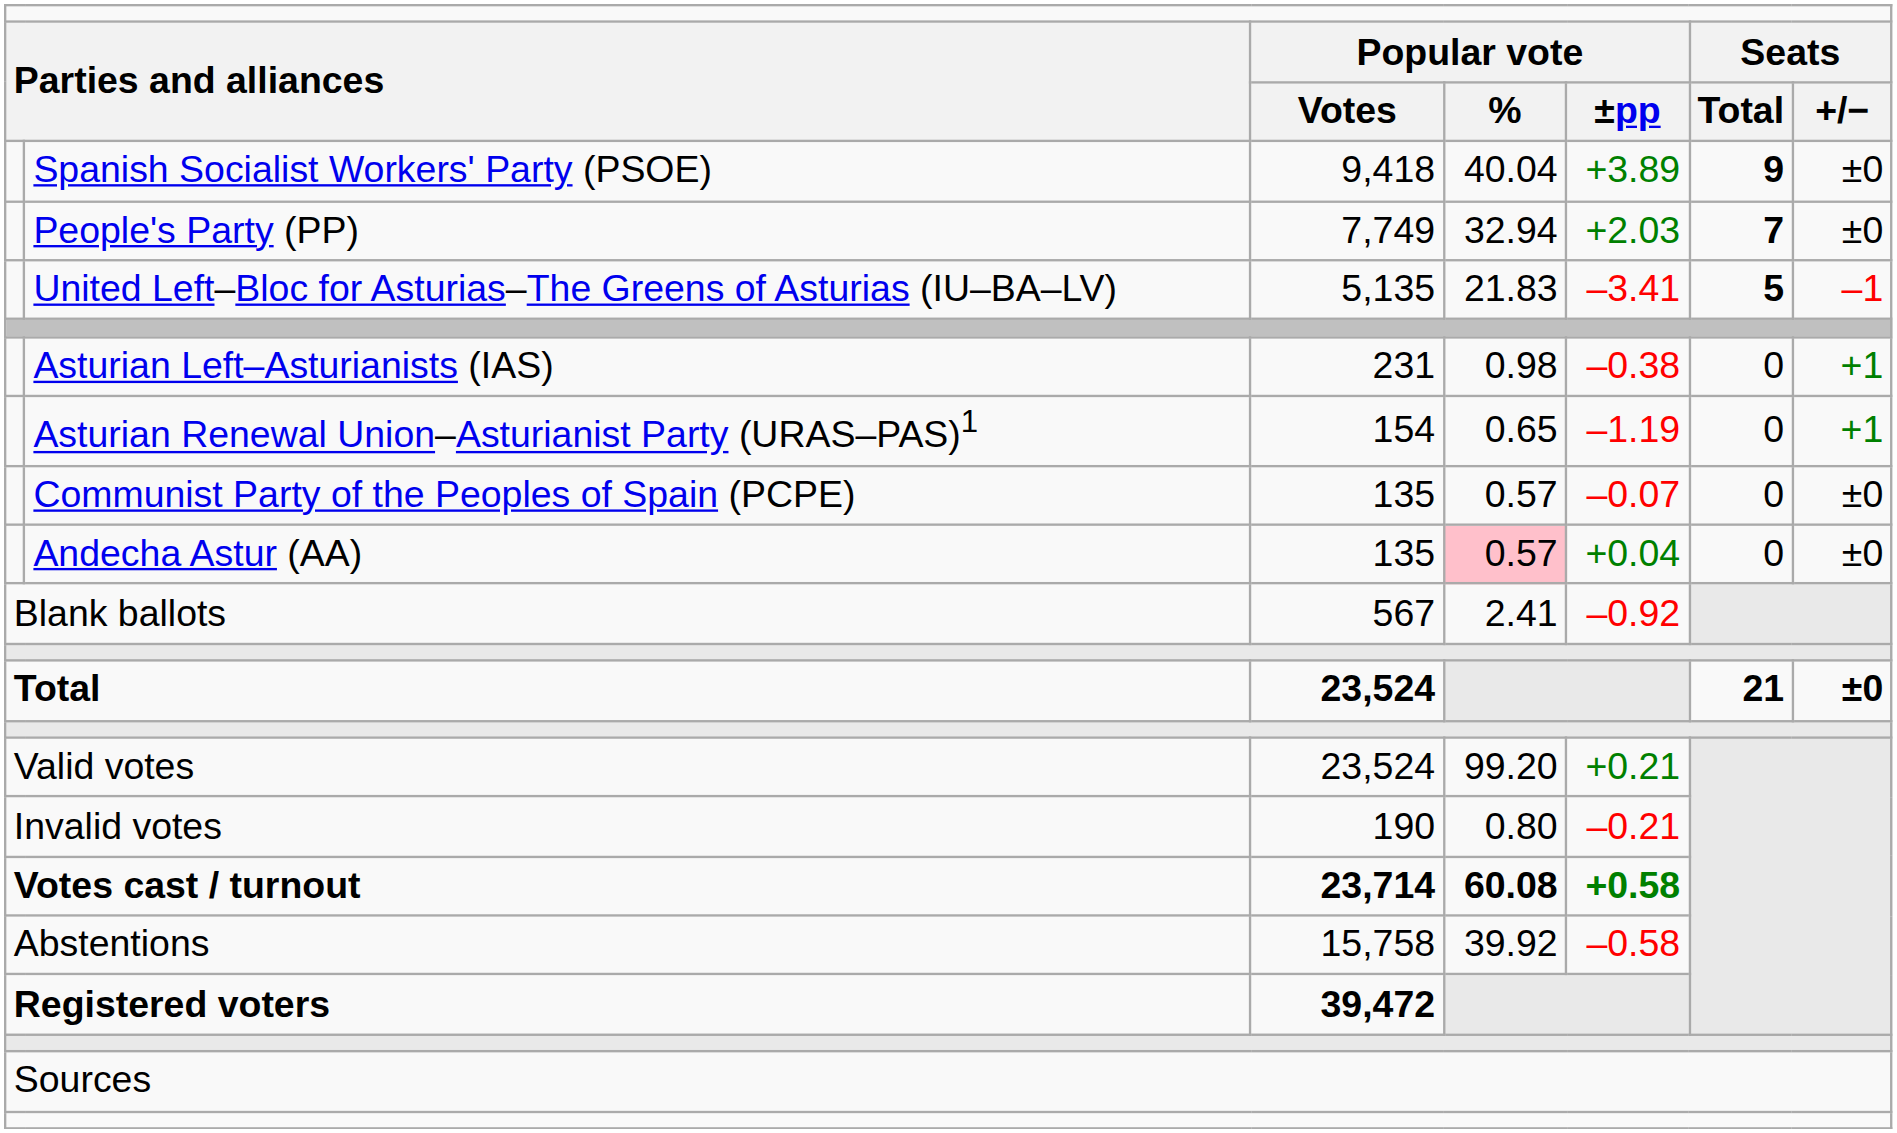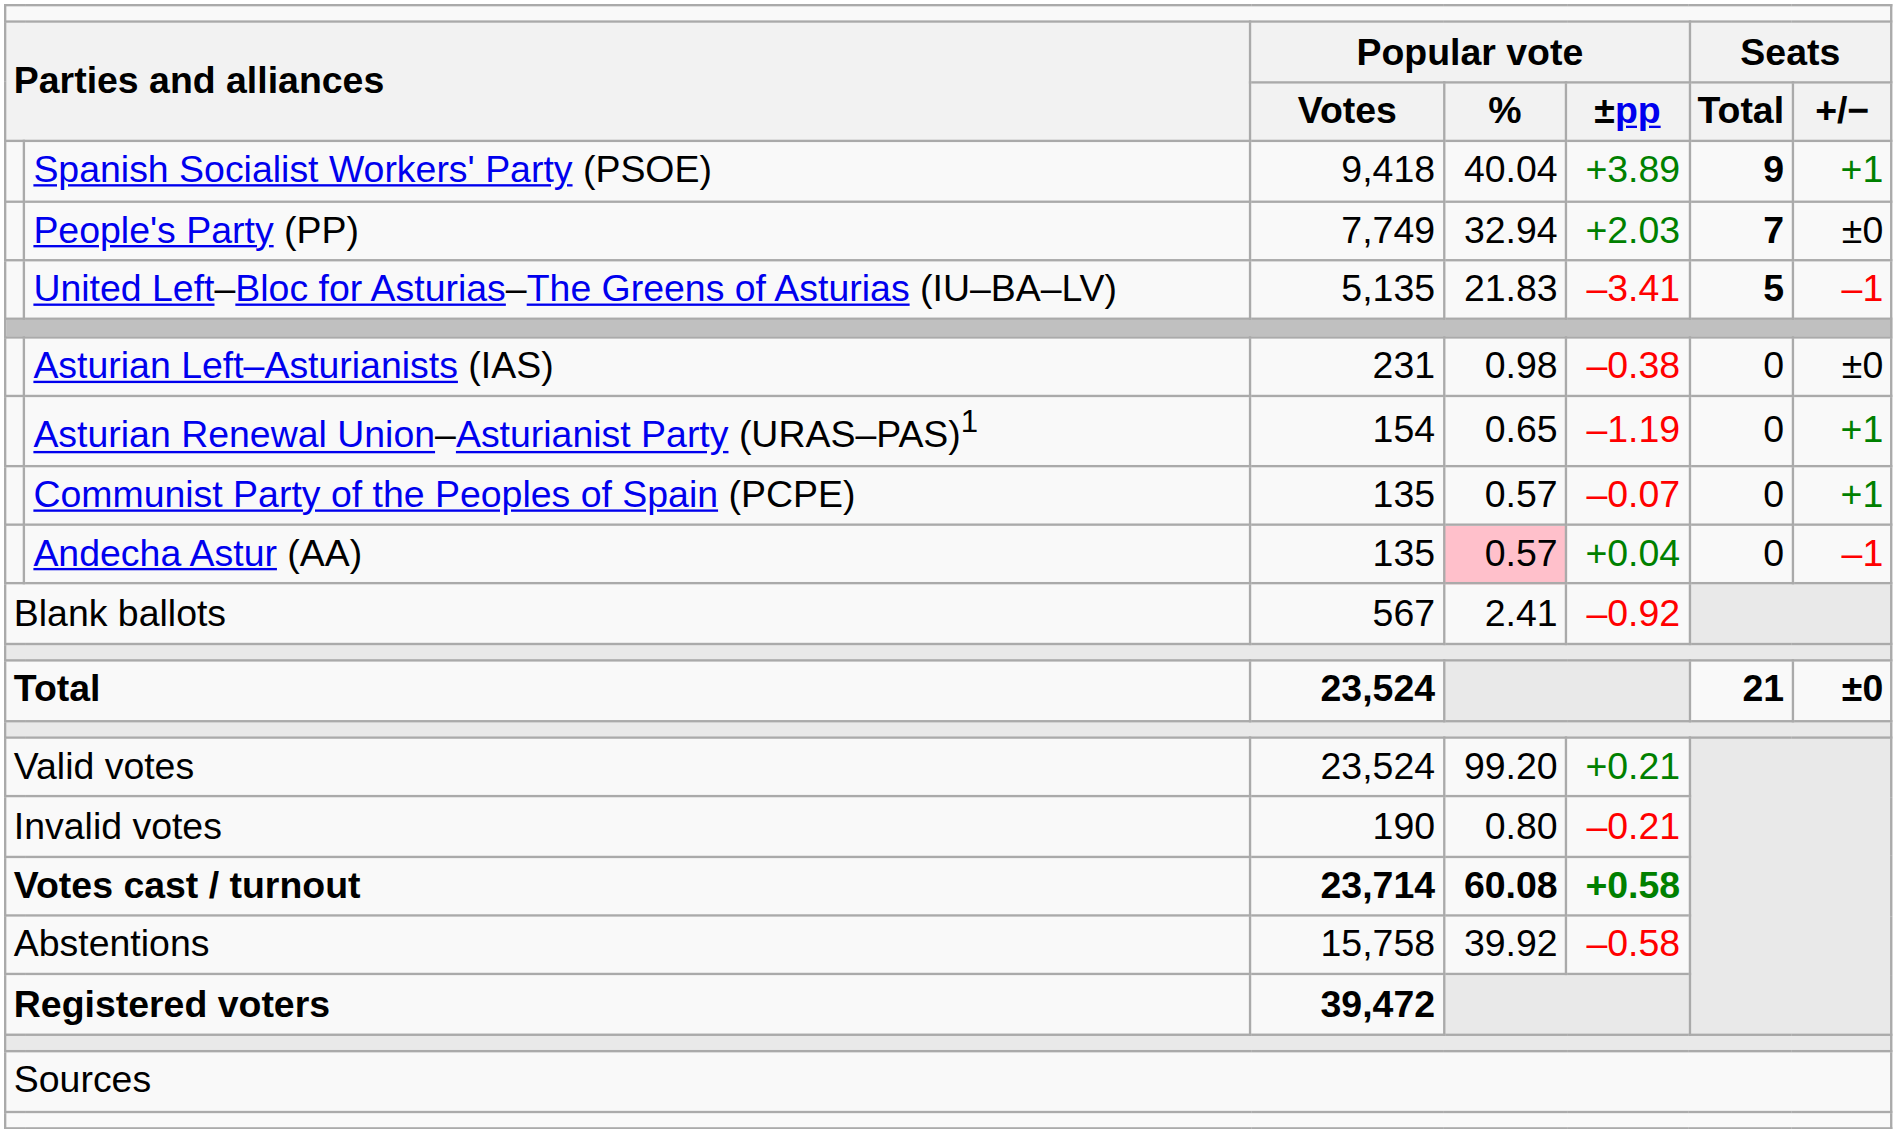 <table class="wikitable" style="text-align:right;">
 <tr>
 <td colspan="7"></td>
 </tr>
 <tr>
 <th style="text-align:left;" rowspan="2" colspan="2" width="525">Parties and alliances</th>
 <th colspan="3">Popular vote</th>
 <th colspan="2">Seats</th>
 </tr>
 <tr>
 <th width="75">Votes</th>
 <th width="45">%</th>
 <th width="45">±<a href='#'>pp</a></th>
 <th width="35">Total</th>
 <th width="35">+/−</th>
 </tr>
 <tr>
 <td width="1" style="color:inherit;background:"></td>
 <td align="left"><a href='#'>Spanish Socialist Workers' Party</a> (PSOE)</td>
 <td>9,418</td>
 <td>40.04</td>
 <td style="color:green;">+3.89</td>
 <td><strong>9</strong></td>
-<td>±0</td>
+<td style="color:green;">+1</td>
 </tr>
 <tr>
 <td style="color:inherit;background:"></td>
 <td align="left"><a href='#'>People's Party</a> (PP)</td>
 <td>7,749</td>
 <td>32.94</td>
 <td style="color:green;">+2.03</td>
 <td><strong>7</strong></td>
 <td>±0</td>
 </tr>
 <tr>
 <td style="color:inherit;background:"></td>
 <td align="left"><a href='#'>United Left</a>–<a href='#'>Bloc for Asturias</a>–<a href='#'>The Greens of Asturias</a> (IU–BA–LV)</td>
 <td>5,135</td>
 <td>21.83</td>
 <td style="color:red;">–3.41</td>
 <td><strong>5</strong></td>
 <td style="color:red;">–1</td>
 </tr>
 <tr>
 <td colspan="7" bgcolor="#C0C0C0"></td>
 </tr>
 <tr>
 <td style="color:inherit;background:"></td>
 <td align="left"><a href='#'>Asturian Left–Asturianists</a> (IAS)</td>
 <td>231</td>
 <td>0.98</td>
 <td style="color:red;">–0.38</td>
 <td>0</td>
-<td style="color:green;">+1</td>
+<td>±0</td>
 </tr>
 <tr>
 <td style="color:inherit;background:"></td>
 <td align="left"><a href='#'>Asturian Renewal Union</a>–<a href='#'>Asturianist Party</a> (URAS–PAS)<sup>1</sup></td>
 <td>154</td>
 <td>0.65</td>
 <td style="color:red;">–1.19</td>
 <td>0</td>
 <td style="color:green;">+1</td>
 </tr>
 <tr>
 <td style="color:inherit;background:"></td>
 <td align="left"><a href='#'>Communist Party of the Peoples of Spain</a> (PCPE)</td>
 <td>135</td>
 <td>0.57</td>
 <td style="color:red;">–0.07</td>
 <td>0</td>
-<td>±0</td>
+<td style="color:green;">+1</td>
 </tr>
 <tr>
 <td style="color:inherit;background:"></td>
 <td align="left"><a href='#'>Andecha Astur</a> (AA)</td>
 <td>135</td>
 <td style="background: pink;">0.57</td>
 <td style="color:green;">+0.04</td>
 <td>0</td>
-<td>±0</td>
+<td style="color:red;">–1</td>
 </tr>
 <tr>
 <td align="left" colspan="2">Blank ballots</td>
 <td>567</td>
 <td>2.41</td>
 <td style="color:red;">–0.92</td>
 <td bgcolor="#E9E9E9" colspan="2"></td>
 </tr>
 <tr>
 <td colspan="7" bgcolor="#E9E9E9"></td>
 </tr>
 <tr style="font-weight:bold;">
 <td align="left" colspan="2">Total</td>
 <td>23,524</td>
 <td bgcolor="#E9E9E9" colspan="2"></td>
 <td>21</td>
 <td>±0</td>
 </tr>
 <tr>
 <td colspan="7" bgcolor="#E9E9E9"></td>
 </tr>
 <tr>
 <td align="left" colspan="2">Valid votes</td>
 <td>23,524</td>
 <td>99.20</td>
 <td style="color:green;">+0.21</td>
 <td bgcolor="#E9E9E9" colspan="2" rowspan="5"></td>
 </tr>
 <tr>
 <td align="left" colspan="2">Invalid votes</td>
 <td>190</td>
 <td>0.80</td>
 <td style="color:red;">–0.21</td>
 </tr>
 <tr style="font-weight:bold;">
 <td align="left" colspan="2">Votes cast / turnout</td>
 <td>23,714</td>
 <td>60.08</td>
 <td style="color:green;">+0.58</td>
 </tr>
 <tr>
 <td align="left" colspan="2">Abstentions</td>
 <td>15,758</td>
 <td>39.92</td>
 <td style="color:red;">–0.58</td>
 </tr>
 <tr style="font-weight:bold;">
 <td align="left" colspan="2">Registered voters</td>
 <td>39,472</td>
 <td bgcolor="#E9E9E9" colspan="2"></td>
 </tr>
 <tr>
 <td colspan="7" bgcolor="#E9E9E9"></td>
 </tr>
 <tr>
 <td align="left" colspan="7">Sources</td>
 </tr>
 <tr>
 <td colspan="7" style="text-align:left; max-width:790px;"></td>
 </tr>
 </table>
